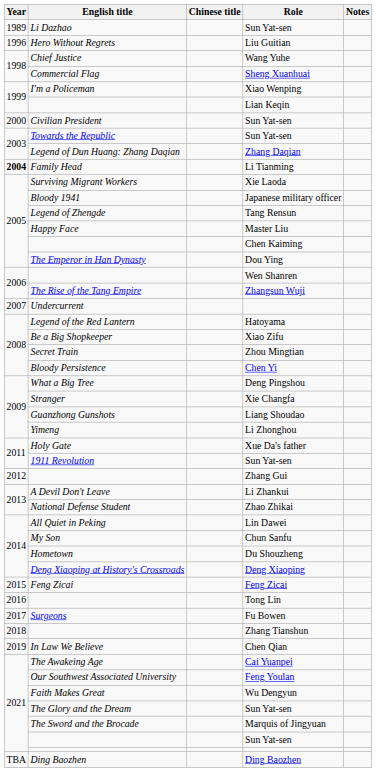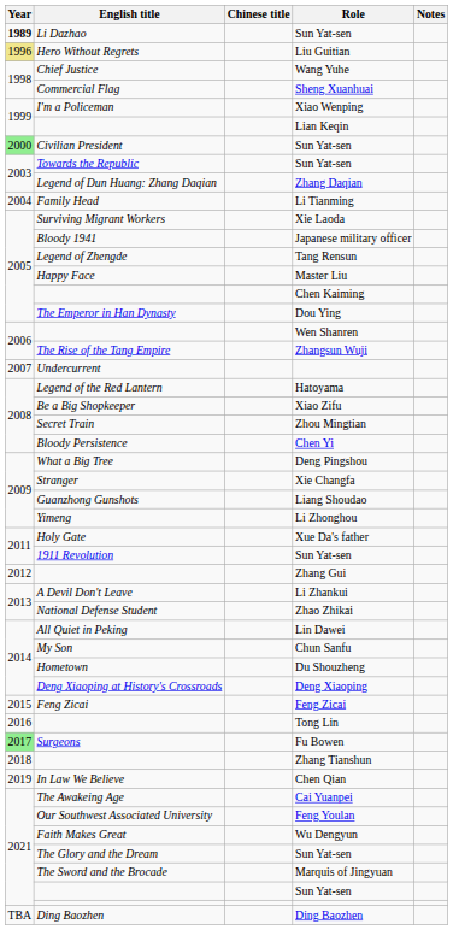 <table class="wikitable">
 <tr>
 <th>Year</th>
 <th>English title</th>
 <th>Chinese title</th>
 <th>Role</th>
 <th>Notes</th>
 </tr>
 <tr>
-<td>1989</td>
+<td><strong>1989</strong></td>
 <td><em>Li Dazhao</em></td>
 <td></td>
 <td>Sun Yat-sen</td>
 <td></td>
 </tr>
 <tr>
-<td>1996</td>
+<td style="background: khaki;">1996</td>
 <td><em>Hero Without Regrets</em></td>
 <td></td>
 <td>Liu Guitian</td>
 <td></td>
 </tr>
 <tr>
 <td rowspan="2">1998</td>
 <td><em>Chief Justice</em></td>
 <td></td>
 <td>Wang Yuhe</td>
 <td></td>
 </tr>
 <tr>
 <td><em>Commercial Flag</em></td>
 <td></td>
 <td><a href='#'>Sheng Xuanhuai</a></td>
 <td></td>
 </tr>
 <tr>
 <td rowspan="2">1999</td>
 <td><em>I'm a Policeman</em></td>
 <td></td>
 <td>Xiao Wenping</td>
 <td></td>
 </tr>
 <tr>
 <td></td>
 <td></td>
 <td>Lian Keqin</td>
 <td></td>
 </tr>
 <tr>
-<td>2000</td>
+<td style="background: lightgreen;">2000</td>
 <td><em>Civilian President</em></td>
 <td></td>
 <td>Sun Yat-sen</td>
 <td></td>
 </tr>
 <tr>
 <td rowspan="2">2003</td>
 <td><em><a href='#'>Towards the Republic</a></em></td>
 <td></td>
 <td>Sun Yat-sen</td>
 <td></td>
 </tr>
 <tr>
 <td><em>Legend of Dun Huang: Zhang Daqian</em></td>
 <td></td>
 <td><a href='#'>Zhang Daqian</a></td>
 <td></td>
 </tr>
 <tr>
-<td><strong>2004</strong></td>
+<td>2004</td>
 <td><em>Family Head</em></td>
 <td></td>
 <td>Li Tianming</td>
 <td></td>
 </tr>
 <tr>
 <td rowspan="6">2005</td>
 <td><em>Surviving Migrant Workers</em></td>
 <td></td>
 <td>Xie Laoda</td>
 <td></td>
 </tr>
 <tr>
 <td><em>Bloody 1941</em></td>
 <td></td>
 <td>Japanese military officer</td>
 <td></td>
 </tr>
 <tr>
 <td><em>Legend of Zhengde</em></td>
 <td></td>
 <td>Tang Rensun</td>
 <td></td>
 </tr>
 <tr>
 <td><em>Happy Face</em></td>
 <td></td>
 <td>Master Liu</td>
 <td></td>
 </tr>
 <tr>
 <td></td>
 <td></td>
 <td>Chen Kaiming</td>
 <td></td>
 </tr>
 <tr>
 <td><em><a href='#'>The Emperor in Han Dynasty</a></em></td>
 <td></td>
 <td>Dou Ying</td>
 <td></td>
 </tr>
 <tr>
 <td rowspan="2">2006</td>
 <td></td>
 <td></td>
 <td>Wen Shanren</td>
 <td></td>
 </tr>
 <tr>
 <td><em><a href='#'>The Rise of the Tang Empire</a></em></td>
 <td></td>
 <td><a href='#'>Zhangsun Wuji</a></td>
 <td></td>
 </tr>
 <tr>
 <td>2007</td>
 <td><em>Undercurrent</em></td>
 <td></td>
 <td></td>
 <td></td>
 </tr>
 <tr>
 <td rowspan="4">2008</td>
 <td><em>Legend of the Red Lantern</em></td>
 <td></td>
 <td>Hatoyama</td>
 <td></td>
 </tr>
 <tr>
 <td><em>Be a Big Shopkeeper</em></td>
 <td></td>
 <td>Xiao Zifu</td>
 <td></td>
 </tr>
 <tr>
 <td><em>Secret Train</em></td>
 <td></td>
 <td>Zhou Mingtian</td>
 <td></td>
 </tr>
 <tr>
 <td><em>Bloody Persistence</em></td>
 <td></td>
 <td><a href='#'>Chen Yi</a></td>
 <td></td>
 </tr>
 <tr>
 <td rowspan="4">2009</td>
 <td><em>What a Big Tree</em></td>
 <td></td>
 <td>Deng Pingshou</td>
 <td></td>
 </tr>
 <tr>
 <td><em>Stranger</em></td>
 <td></td>
 <td>Xie Changfa</td>
 <td></td>
 </tr>
 <tr>
 <td><em>Guanzhong Gunshots</em></td>
 <td></td>
 <td>Liang Shoudao</td>
 <td></td>
 </tr>
 <tr>
 <td><em>Yimeng</em></td>
 <td></td>
 <td>Li Zhonghou</td>
 <td></td>
 </tr>
 <tr>
 <td rowspan="2">2011</td>
 <td><em>Holy Gate</em></td>
 <td></td>
 <td>Xue Da's father</td>
 <td></td>
 </tr>
 <tr>
 <td><em><a href='#'>1911 Revolution</a></em></td>
 <td></td>
 <td>Sun Yat-sen</td>
 <td></td>
 </tr>
 <tr>
 <td>2012</td>
 <td></td>
 <td></td>
 <td>Zhang Gui</td>
 <td></td>
 </tr>
 <tr>
 <td rowspan="2">2013</td>
 <td><em>A Devil Don't Leave</em></td>
 <td></td>
 <td>Li Zhankui</td>
 <td></td>
 </tr>
 <tr>
 <td><em>National Defense Student</em></td>
 <td></td>
 <td>Zhao Zhikai</td>
 <td></td>
 </tr>
 <tr>
 <td rowspan="4">2014</td>
 <td><em>All Quiet in Peking</em></td>
 <td></td>
 <td>Lin Dawei</td>
 <td></td>
 </tr>
 <tr>
 <td><em>My Son</em></td>
 <td></td>
 <td>Chun Sanfu</td>
 <td></td>
 </tr>
 <tr>
 <td><em>Hometown</em></td>
 <td></td>
 <td>Du Shouzheng</td>
 <td></td>
 </tr>
 <tr>
 <td><em><a href='#'>Deng Xiaoping at History's Crossroads</a></em></td>
 <td></td>
 <td><a href='#'>Deng Xiaoping</a></td>
 <td></td>
 </tr>
 <tr>
 <td>2015</td>
 <td><em>Feng Zicai</em></td>
 <td></td>
 <td><a href='#'>Feng Zicai</a></td>
 <td></td>
 </tr>
 <tr>
 <td>2016</td>
 <td></td>
 <td></td>
 <td>Tong Lin</td>
 <td></td>
 </tr>
 <tr>
-<td>2017</td>
+<td style="background: lightgreen;">2017</td>
 <td><em><a href='#'>Surgeons</a></em></td>
 <td></td>
 <td>Fu Bowen</td>
 <td></td>
 </tr>
 <tr>
 <td>2018</td>
 <td></td>
 <td></td>
 <td>Zhang Tianshun</td>
 <td></td>
 </tr>
 <tr>
 <td>2019</td>
 <td><em>In Law We Believe</em></td>
 <td></td>
 <td>Chen Qian</td>
 <td></td>
 </tr>
 <tr>
 <td rowspan="7">2021</td>
 <td><em>The Awakeing Age</em></td>
 <td></td>
 <td><a href='#'>Cai Yuanpei</a></td>
 <td></td>
 </tr>
 <tr>
 <td><em>Our Southwest Associated University</em></td>
 <td></td>
 <td><a href='#'>Feng Youlan</a></td>
 <td></td>
 </tr>
 <tr>
 <td><em>Faith Makes Great</em></td>
 <td></td>
 <td>Wu Dengyun</td>
 <td></td>
 </tr>
 <tr>
 <td><em>The Glory and the Dream</em></td>
 <td></td>
 <td>Sun Yat-sen</td>
 <td></td>
 </tr>
 <tr>
 <td><em>The Sword and the Brocade</em></td>
 <td></td>
 <td>Marquis of Jingyuan</td>
 <td></td>
 </tr>
 <tr>
 <td></td>
 <td></td>
 <td>Sun Yat-sen</td>
 <td></td>
 </tr>
 <tr>
 <td></td>
 <td></td>
 <td></td>
 <td></td>
 </tr>
 <tr>
 <td>TBA</td>
 <td><em>Ding Baozhen</em></td>
 <td></td>
 <td><a href='#'>Ding Baozhen</a></td>
 <td></td>
 </tr>
 </table>
